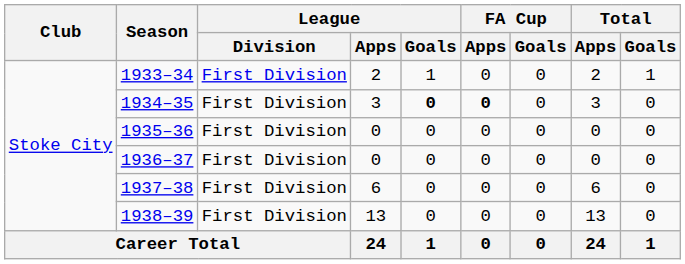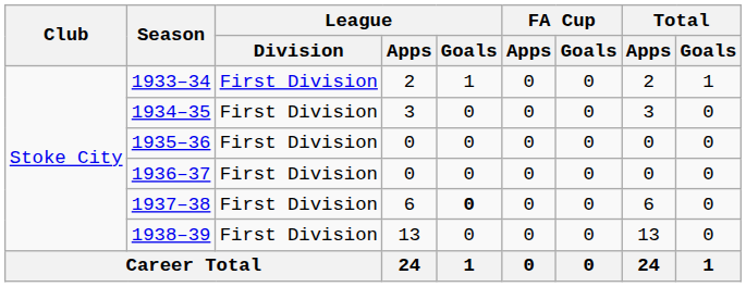 <table class="wikitable" style="text-align: center;">
 <tr>
 <th rowspan="2">Club</th>
 <th rowspan="2">Season</th>
 <th colspan="3">League</th>
 <th colspan="2">FA Cup</th>
 <th colspan="2">Total</th>
 </tr>
 <tr>
 <th>Division</th>
 <th>Apps</th>
 <th>Goals</th>
 <th>Apps</th>
 <th>Goals</th>
 <th>Apps</th>
 <th>Goals</th>
 </tr>
 <tr>
 <td rowspan="6"><a href='#'>Stoke City</a></td>
 <td><a href='#'>1933–34</a></td>
 <td><a href='#'>First Division</a></td>
 <td>2</td>
 <td>1</td>
 <td>0</td>
 <td>0</td>
 <td>2</td>
 <td>1</td>
 </tr>
 <tr>
 <td><a href='#'>1934–35</a></td>
 <td>First Division</td>
 <td>3</td>
-<td><strong>0</strong></td>
-<td><strong>0</strong></td>
+<td>0</td>
+<td>0</td>
 <td>0</td>
 <td>3</td>
 <td>0</td>
 </tr>
 <tr>
 <td><a href='#'>1935–36</a></td>
 <td>First Division</td>
 <td>0</td>
 <td>0</td>
 <td>0</td>
 <td>0</td>
 <td>0</td>
 <td>0</td>
 </tr>
 <tr>
 <td><a href='#'>1936–37</a></td>
 <td>First Division</td>
 <td>0</td>
 <td>0</td>
 <td>0</td>
 <td>0</td>
 <td>0</td>
 <td>0</td>
 </tr>
 <tr>
 <td><a href='#'>1937–38</a></td>
 <td>First Division</td>
 <td>6</td>
-<td>0</td>
+<td><strong>0</strong></td>
 <td>0</td>
 <td>0</td>
 <td>6</td>
 <td>0</td>
 </tr>
 <tr>
 <td><a href='#'>1938–39</a></td>
 <td>First Division</td>
 <td>13</td>
 <td>0</td>
 <td>0</td>
 <td>0</td>
 <td>13</td>
 <td>0</td>
 </tr>
 <tr>
 <th colspan="3">Career Total</th>
 <th>24</th>
 <th>1</th>
 <th>0</th>
 <th>0</th>
 <th>24</th>
 <th>1</th>
 </tr>
 </table>
